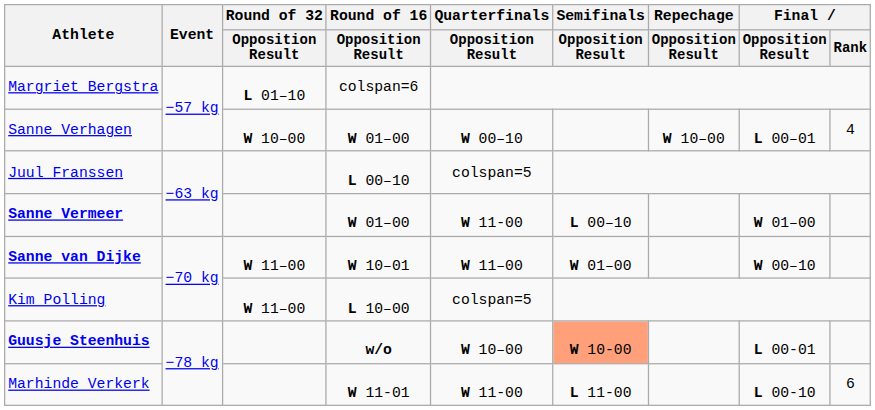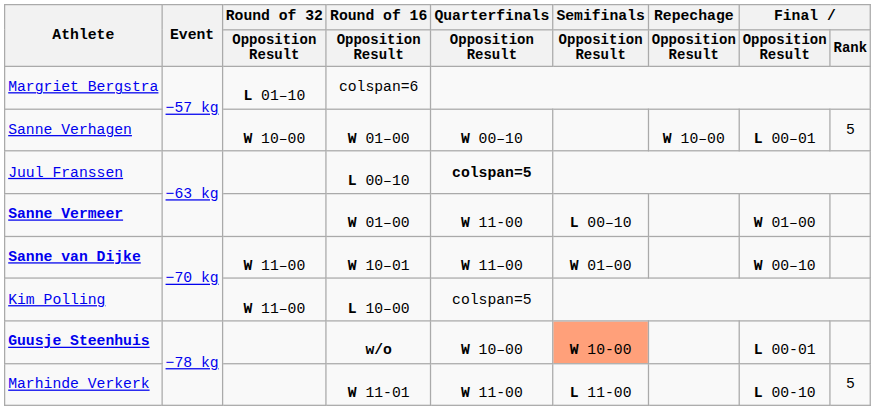 <table class="wikitable" style="text-align:center; font-size:90%">
 <tr>
 <th rowspan=2>Athlete</th>
 <th rowspan=2>Event</th>
 <th>Round of 32</th>
 <th>Round of 16</th>
 <th>Quarterfinals</th>
 <th>Semifinals</th>
 <th>Repechage</th>
 <th colspan=2>Final / </th>
 </tr>
 <tr style="font-size:95%">
 <th>Opposition<br>Result</th>
 <th>Opposition<br>Result</th>
 <th>Opposition<br>Result</th>
 <th>Opposition<br>Result</th>
 <th>Opposition<br>Result</th>
 <th>Opposition<br>Result</th>
 <th>Rank</th>
 </tr>
 <tr>
 <td align=left><a href='#'>Margriet Bergstra</a></td>
 <td rowspan=2 align=left><a href='#'>−57 kg</a></td>
 <td><br><strong>L</strong> 01–10</td>
 <td>colspan=6 </td>
 </tr>
 <tr>
 <td align=left><a href='#'>Sanne Verhagen</a></td>
 <td><br><strong>W</strong> 10–00</td>
 <td><br><strong>W</strong> 01–00</td>
 <td><br><strong>W</strong> 00–10</td>
 <td></td>
 <td><br><strong>W</strong> 10–00</td>
 <td><br><strong>L</strong> 00–01</td>
-<td>4</td>
+<td>5</td>
 </tr>
 <tr>
 <td align=left><a href='#'>Juul Franssen</a></td>
 <td rowspan=2 align=left><a href='#'>−63 kg</a></td>
 <td></td>
 <td><br><strong>L</strong> 00–10</td>
-<td>colspan=5 </td>
+<td><strong>colspan=5 </strong></td>
 </tr>
 <tr>
 <td align=left><strong><a href='#'>Sanne Vermeer</a></strong></td>
 <td></td>
 <td><br><strong>W</strong> 01–00</td>
 <td><br><strong>W</strong> 11-00</td>
 <td><br><strong>L</strong> 00–10</td>
 <td></td>
 <td><br><strong>W</strong> 01–00</td>
 <td></td>
 </tr>
 <tr>
 <td align=left><strong><a href='#'>Sanne van Dijke</a></strong></td>
 <td rowspan=2 align=left><a href='#'>−70 kg</a></td>
 <td><br><strong>W</strong> 11–00</td>
 <td><br><strong>W</strong> 10–01</td>
 <td><br><strong>W</strong> 11–00</td>
 <td><br><strong>W</strong> 01–00</td>
 <td></td>
 <td><br><strong>W</strong> 00–10</td>
 <td></td>
 </tr>
 <tr>
 <td align=left><a href='#'>Kim Polling</a></td>
 <td><br><strong>W</strong> 11–00</td>
 <td><br><strong>L</strong> 10–00</td>
 <td>colspan=5 </td>
 </tr>
 <tr>
 <td align=left><strong><a href='#'>Guusje Steenhuis</a></strong></td>
 <td rowspan=2 align=left><a href='#'>−78 kg</a></td>
 <td></td>
 <td><br><strong>w/o</strong></td>
 <td><br><strong>W</strong> 10–00</td>
 <td style="background: lightsalmon;"><br><strong>W</strong> 10-00</td>
 <td></td>
 <td><br><strong>L</strong> 00-01</td>
 <td></td>
 </tr>
 <tr>
 <td align=left><a href='#'>Marhinde Verkerk</a></td>
 <td></td>
 <td><br><strong>W</strong> 11-01</td>
 <td><br><strong>W</strong> 11-00</td>
 <td><br><strong>L</strong> 11-00</td>
 <td></td>
 <td><br><strong>L</strong> 00-10</td>
-<td>6</td>
+<td>5</td>
 </tr>
 </table>
